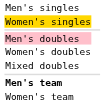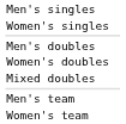 <table>
 <tr>
 <td>Men's singles</td>
 <td></td>
 <td></td>
 <td></td>
 </tr>
 <tr>
-<td style="background: gold;">Women's singles</td>
+<td>Women's singles</td>
 <td></td>
 <td></td>
 <td></td>
 </tr>
 <tr bgcolor=#DDDDDD>
 <td colspan=100%></td>
 </tr>
 <tr>
-<td style="background: pink;">Men's doubles</td>
+<td>Men's doubles</td>
 <td nowrap></td>
 <td></td>
 <td nowrap></td>
 </tr>
 <tr>
 <td>Women's doubles</td>
 <td></td>
 <td nowrap></td>
 <td></td>
 </tr>
 <tr>
 <td>Mixed doubles</td>
 <td></td>
 <td></td>
 <td></td>
 </tr>
 <tr bgcolor=#DDDDDD>
 <td colspan=100%></td>
 </tr>
 <tr>
-<td><strong>Men's team</strong></td>
+<td>Men's team</td>
 <td></td>
 <td nowrap></td>
 <td></td>
 </tr>
 <tr>
 <td>Women's team</td>
 <td></td>
 <td></td>
 <td></td>
 </tr>
 </table>
